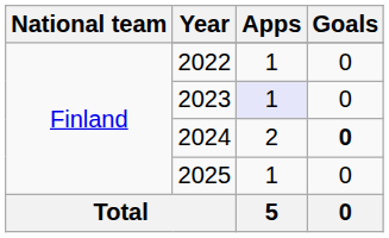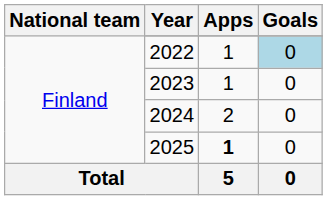 <table class="wikitable" style="text-align:center">
 <tr>
 <th>National team</th>
 <th>Year</th>
 <th>Apps</th>
 <th>Goals</th>
 </tr>
 <tr>
 <td rowspan=5><a href='#'>Finland</a></td>
 </tr>
 <tr>
 <td>2022</td>
 <td>1</td>
-<td>0</td>
+<td style="background: lightblue;">0</td>
 </tr>
 <tr>
 <td>2023</td>
-<td style="background: lavender;">1</td>
+<td>1</td>
 <td>0</td>
 </tr>
 <tr>
 <td>2024</td>
 <td>2</td>
-<td><strong>0</strong></td>
+<td>0</td>
 </tr>
 <tr>
 <td>2025</td>
-<td>1</td>
+<td><strong>1</strong></td>
 <td>0</td>
 </tr>
 <tr>
 <th colspan=2>Total</th>
 <th>5</th>
 <th>0</th>
 </tr>
 </table>
